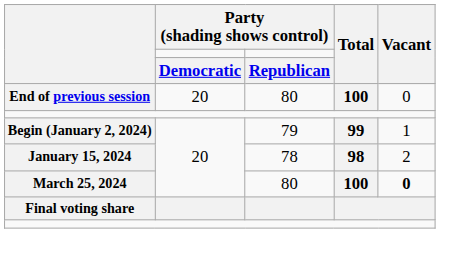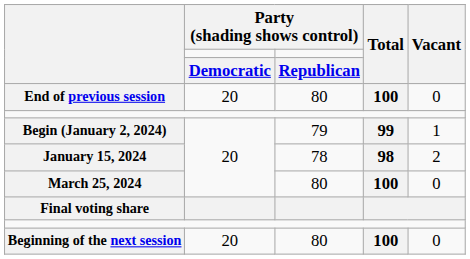 <table class="wikitable" style="text-align:center">
 <tr>
 <th rowspan="3" scope="col"> </th>
 <th colspan="2" scope="col">Party<div>(shading shows control)</div></th>
 <th rowspan="3" scope="col">Total</th>
 <th rowspan="3" scope="col">Vacant</th>
 </tr>
 <tr style="height:5px">
 <td style="background-color:"></td>
 <td style="background-color:"></td>
 </tr>
 <tr>
 <th scope="col"><a href='#'>Democratic</a></th>
 <th scope="col"><a href='#'>Republican</a></th>
 </tr>
 <tr>
 <th scope="row" style="font-size:85%">End of <a href='#'>previous session</a></th>
 <td>20</td>
 <td>80</td>
 <th>100</th>
 <td>0</td>
 </tr>
 <tr>
 <td colspan="5"></td>
 </tr>
 <tr>
 <th scope="row" style="font-size:85%">Begin (January 2, 2024)</th>
 <td rowspan="3">20</td>
 <td>79</td>
 <th>99</th>
 <td>1</td>
 </tr>
 <tr>
 <th scope="row" style="font-size:85%">January 15, 2024</th>
 <td>78</td>
 <th>98</th>
 <td>2</td>
 </tr>
 <tr>
 <th scope="row" style="font-size:85%">March 25, 2024</th>
 <td>80</td>
 <th>100</th>
-<td><strong>0</strong></td>
+<td>0</td>
 </tr>
 <tr>
 <th scope="row" style="font-size:85%">Final voting share</th>
 <th></th>
 <th></th>
 <th colspan="2"></th>
 </tr>
 <tr>
 <td colspan="5"></td>
 </tr>
+<tr>
+<th scope="row" style="font-size:85%">Beginning of the <a href='#'>next session</a></th>
+<td>20</td>
+<td>80</td>
+<th>100</th>
+<td>0</td>
+</tr>
 </table>
